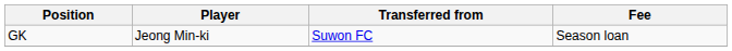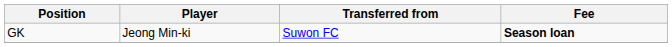 <table class="wikitable sortable" style="width:70%; text-align:center; font-size:100%; text-align:left;">
 <tr>
 <th>Position</th>
 <th>Player</th>
 <th>Transferred from</th>
 <th>Fee</th>
 </tr>
 <tr>
 <td>GK</td>
 <td> Jeong Min-ki</td>
 <td> <a href='#'>Suwon FC</a></td>
-<td>Season loan </td>
+<td><strong>Season loan </strong></td>
 </tr>
 <tr>
 </tr>
 </table>
